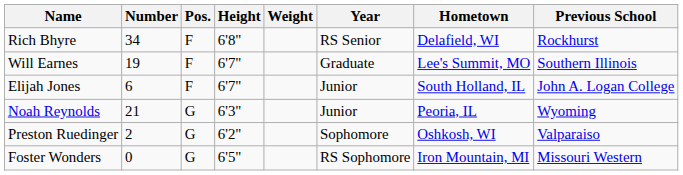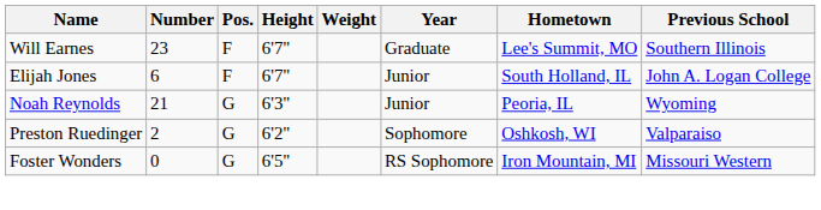 <table class="wikitable sortable" border="1">
 <tr>
 <th>Name</th>
 <th>Number</th>
 <th>Pos.</th>
 <th>Height</th>
 <th>Weight</th>
 <th>Year</th>
 <th>Hometown</th>
 <th>Previous School</th>
 </tr>
 <tr>
-<td>Rich Bhyre</td>
-<td>34</td>
-<td>F</td>
-<td>6'8"</td>
-<td></td>
-<td>RS Senior</td>
-<td><a href='#'>Delafield, WI</a></td>
-<td><a href='#'>Rockhurst</a></td>
-</tr>
-<tr>
 <td>Will Earnes</td>
-<td>19</td>
+<td>23</td>
 <td>F</td>
 <td>6'7"</td>
 <td></td>
 <td>Graduate</td>
 <td><a href='#'>Lee's Summit, MO</a></td>
 <td><a href='#'>Southern Illinois</a></td>
 </tr>
 <tr>
 <td>Elijah Jones</td>
 <td>6</td>
 <td>F</td>
 <td>6'7"</td>
 <td></td>
 <td>Junior</td>
 <td><a href='#'>South Holland, IL</a></td>
 <td><a href='#'>John A. Logan College</a></td>
 </tr>
 <tr>
 <td><a href='#'>Noah Reynolds</a></td>
 <td>21</td>
 <td>G</td>
 <td>6'3"</td>
 <td></td>
 <td>Junior</td>
 <td><a href='#'>Peoria, IL</a></td>
 <td><a href='#'>Wyoming</a></td>
 </tr>
 <tr>
 <td>Preston Ruedinger</td>
 <td>2</td>
 <td>G</td>
 <td>6'2"</td>
 <td></td>
 <td>Sophomore</td>
 <td><a href='#'>Oshkosh, WI</a></td>
 <td><a href='#'>Valparaiso</a></td>
 </tr>
 <tr>
 <td>Foster Wonders</td>
 <td>0</td>
 <td>G</td>
 <td>6'5"</td>
 <td></td>
 <td>RS Sophomore</td>
 <td><a href='#'>Iron Mountain, MI</a></td>
 <td><a href='#'>Missouri Western</a></td>
 </tr>
 </table>
